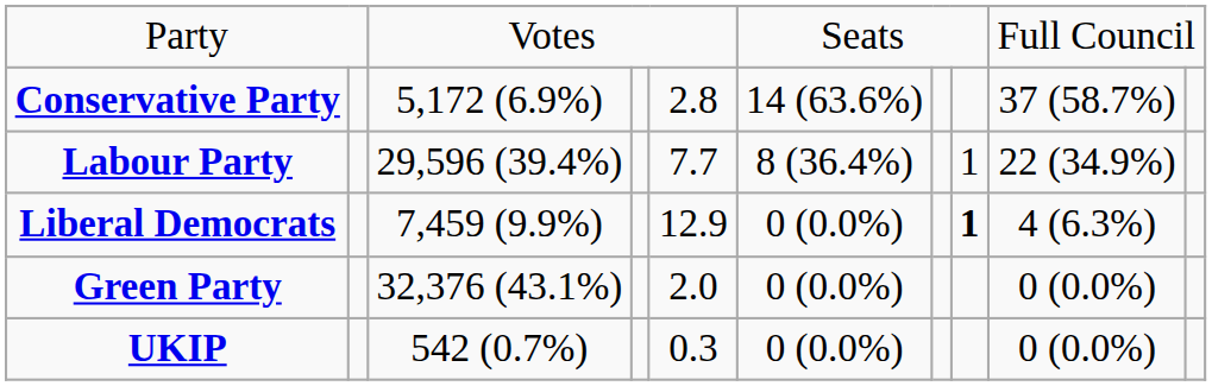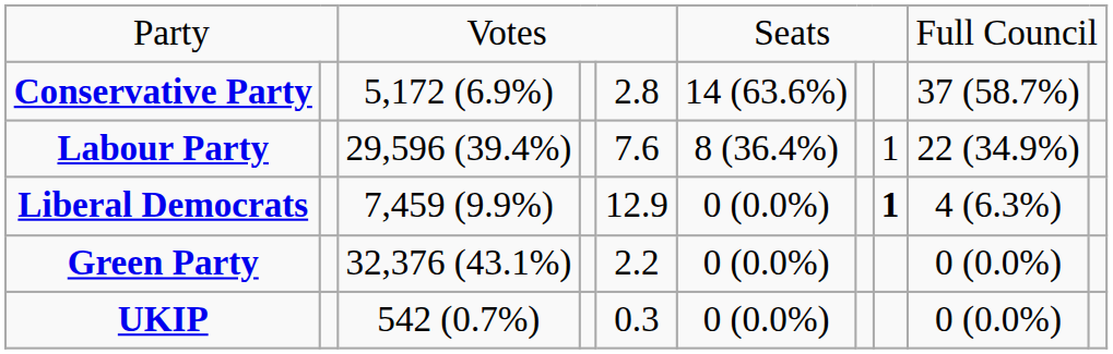 <table class=wikitable style="text-align:center;">
 <tr>
 <td colspan=2>Party</td>
 <td colspan=3>Votes</td>
 <td colspan=3>Seats</td>
 <td colspan=3>Full Council</td>
 </tr>
 <tr>
 <td><strong><a href='#'>Conservative Party</a></strong></td>
 <td style="background:"></td>
 <td>5,172 (6.9%)</td>
 <td></td>
 <td> 2.8</td>
 <td>14 (63.6%)</td>
 <td></td>
 <td></td>
 <td>37 (58.7%)</td>
 <td></td>
 </tr>
 <tr>
 <td><strong><a href='#'>Labour Party</a></strong></td>
 <td style="background:"></td>
 <td>29,596 (39.4%)</td>
 <td></td>
-<td> 7.7</td>
+<td> 7.6</td>
 <td>8 (36.4%)</td>
 <td></td>
 <td> 1</td>
 <td>22 (34.9%)</td>
 <td></td>
 </tr>
 <tr>
 <td><strong><a href='#'>Liberal Democrats</a></strong></td>
 <td style="background:"></td>
 <td>7,459 (9.9%)</td>
 <td></td>
 <td> 12.9</td>
 <td>0 (0.0%)</td>
 <td></td>
 <td><strong> 1</strong></td>
 <td>4 (6.3%)</td>
 <td></td>
 </tr>
 <tr>
 <td><strong><a href='#'>Green Party</a></strong></td>
 <td style="background:"></td>
 <td>32,376 (43.1%)</td>
 <td></td>
-<td> 2.0</td>
+<td> 2.2</td>
 <td>0 (0.0%)</td>
 <td></td>
 <td></td>
 <td>0 (0.0%)</td>
 <td></td>
 </tr>
 <tr>
 <td><strong><a href='#'>UKIP</a></strong></td>
 <td style="background:"></td>
 <td>542 (0.7%)</td>
 <td></td>
 <td> 0.3</td>
 <td>0 (0.0%)</td>
 <td></td>
 <td></td>
 <td>0 (0.0%)</td>
 <td></td>
 </tr>
 </table>
